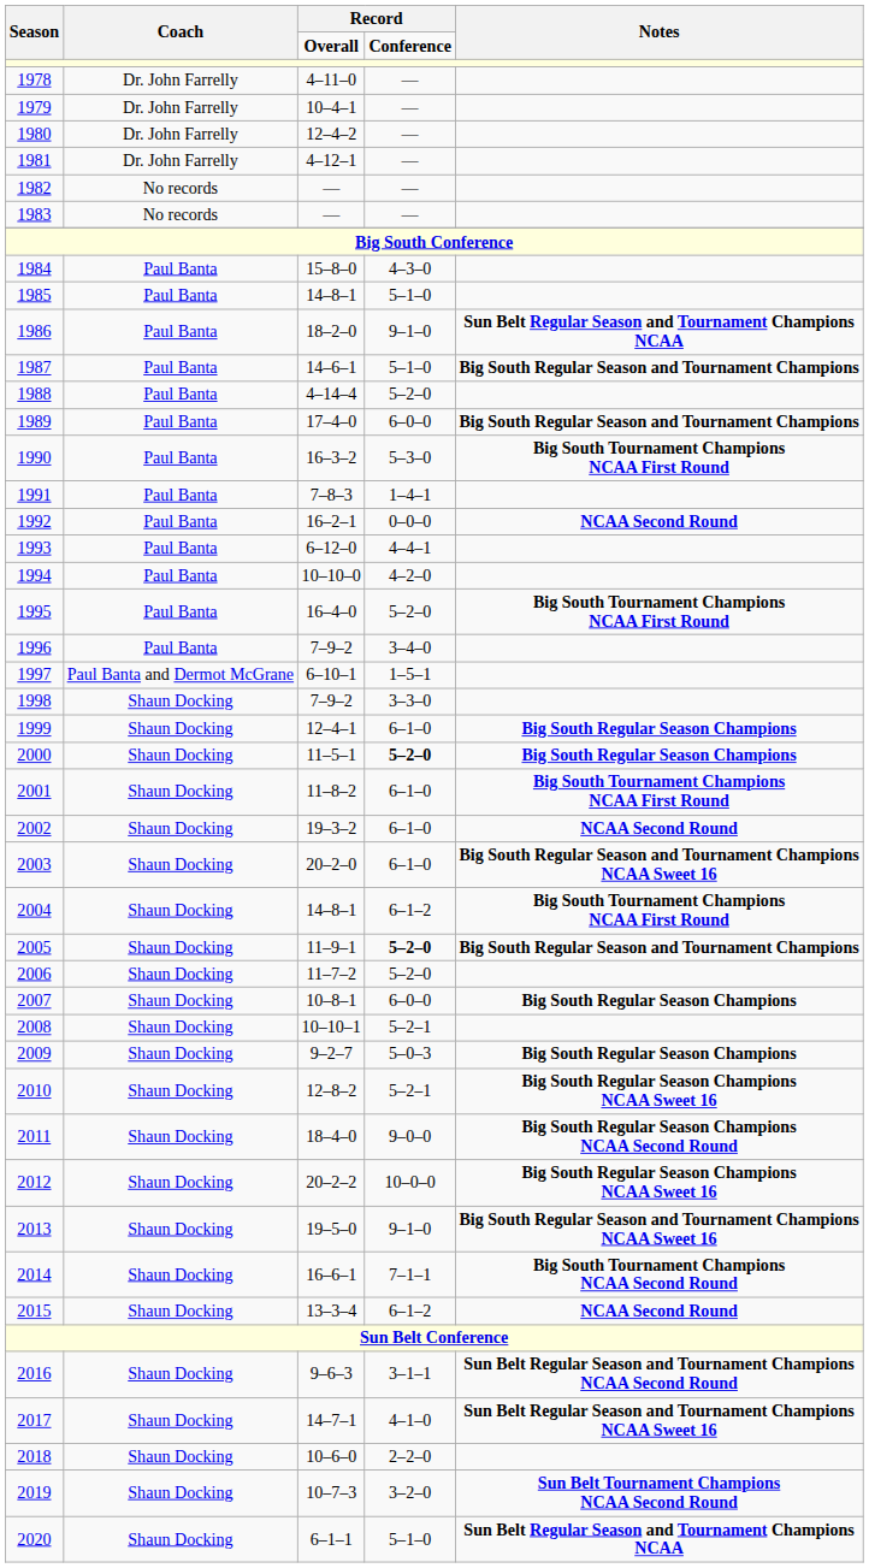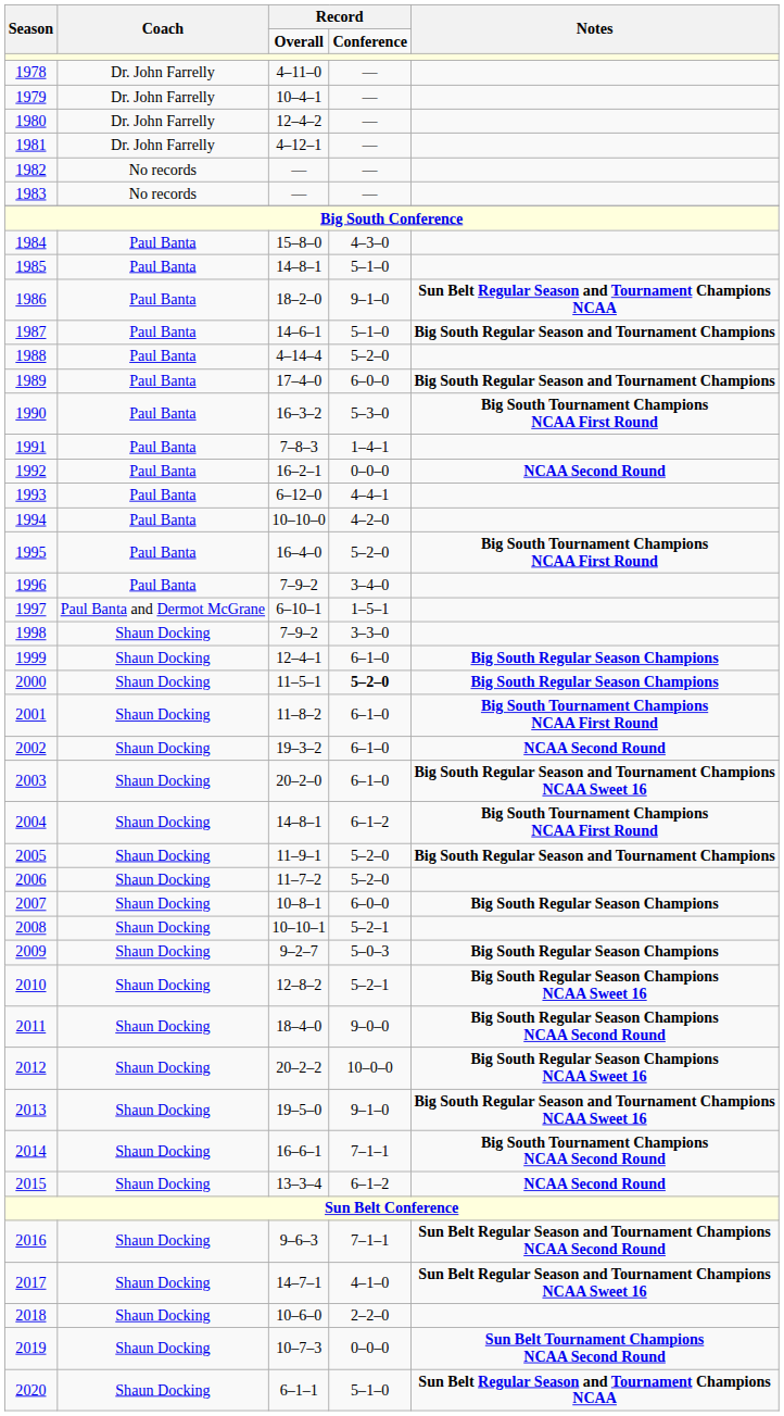 <table class="wikitable" style="text-align: center;">
 <tr>
 <th rowspan="2" width=px>Season</th>
 <th rowspan="2" width=px>Coach</th>
 <th colspan="2" width=px>Record</th>
 <th rowspan="2" width=px>Notes</th>
 </tr>
 <tr style="text-align:center;">
 <td><strong>Overall</strong></td>
 <td width=px><strong>Conference</strong></td>
 </tr>
 <tr style="background:#ffd;">
 <td colspan="5"></td>
 </tr>
 <tr>
 <td><a href='#'>1978</a></td>
 <td>Dr. John Farrelly</td>
 <td>4–11–0</td>
 <td>—</td>
 <td></td>
 </tr>
 <tr>
 <td><a href='#'>1979</a></td>
 <td>Dr. John Farrelly</td>
 <td>10–4–1</td>
 <td>—</td>
 <td></td>
 </tr>
 <tr>
 <td><a href='#'>1980</a></td>
 <td>Dr. John Farrelly</td>
 <td>12–4–2</td>
 <td>—</td>
 <td></td>
 </tr>
 <tr>
 <td><a href='#'>1981</a></td>
 <td>Dr. John Farrelly</td>
 <td>4–12–1</td>
 <td>—</td>
 <td></td>
 </tr>
 <tr>
 <td><a href='#'>1982</a></td>
 <td>No records</td>
 <td>—</td>
 <td>—</td>
 <td></td>
 </tr>
 <tr>
 <td><a href='#'>1983</a></td>
 <td>No records</td>
 <td>—</td>
 <td>—</td>
 <td></td>
 </tr>
 <tr>
 </tr>
 <tr style="background:#ffd;">
 <td colspan="5" style="text-align:center;"><strong><a href='#'>Big South Conference</a></strong></td>
 </tr>
 <tr>
 <td><a href='#'>1984</a></td>
 <td><a href='#'>Paul Banta</a></td>
 <td>15–8–0</td>
 <td>4–3–0</td>
 <td></td>
 </tr>
 <tr>
 <td><a href='#'>1985</a></td>
 <td><a href='#'>Paul Banta</a></td>
 <td>14–8–1</td>
 <td>5–1–0</td>
 <td></td>
 </tr>
 <tr>
 <td><a href='#'>1986</a></td>
 <td><a href='#'>Paul Banta</a></td>
 <td>18–2–0</td>
 <td>9–1–0</td>
 <td><strong>Sun Belt <a href='#'>Regular Season</a> and <a href='#'>Tournament</a> Champions</strong><br><strong><a href='#'>NCAA</a></strong></td>
 </tr>
 <tr>
 <td><a href='#'>1987</a></td>
 <td><a href='#'>Paul Banta</a></td>
 <td>14–6–1</td>
 <td>5–1–0</td>
 <td><strong>Big South Regular Season and Tournament Champions</strong></td>
 </tr>
 <tr>
 <td><a href='#'>1988</a></td>
 <td><a href='#'>Paul Banta</a></td>
 <td>4–14–4</td>
 <td>5–2–0</td>
 <td></td>
 </tr>
 <tr>
 <td><a href='#'>1989</a></td>
 <td><a href='#'>Paul Banta</a></td>
 <td>17–4–0</td>
 <td>6–0–0</td>
 <td><strong>Big South Regular Season and Tournament Champions</strong></td>
 </tr>
 <tr>
 <td><a href='#'>1990</a></td>
 <td><a href='#'>Paul Banta</a></td>
 <td>16–3–2</td>
 <td>5–3–0</td>
 <td><strong>Big South Tournament Champions</strong><br><strong><a href='#'>NCAA First Round</a></strong></td>
 </tr>
 <tr>
 <td><a href='#'>1991</a></td>
 <td><a href='#'>Paul Banta</a></td>
 <td>7–8–3</td>
 <td>1–4–1</td>
 <td></td>
 </tr>
 <tr>
 <td><a href='#'>1992</a></td>
 <td><a href='#'>Paul Banta</a></td>
 <td>16–2–1</td>
 <td>0–0–0</td>
 <td><strong><a href='#'>NCAA Second Round</a></strong></td>
 </tr>
 <tr>
 <td><a href='#'>1993</a></td>
 <td><a href='#'>Paul Banta</a></td>
 <td>6–12–0</td>
 <td>4–4–1</td>
 <td></td>
 </tr>
 <tr>
 <td><a href='#'>1994</a></td>
 <td><a href='#'>Paul Banta</a></td>
 <td>10–10–0</td>
 <td>4–2–0</td>
 <td></td>
 </tr>
 <tr>
 <td><a href='#'>1995</a></td>
 <td><a href='#'>Paul Banta</a></td>
 <td>16–4–0</td>
 <td>5–2–0</td>
 <td><strong>Big South Tournament Champions</strong><br><strong><a href='#'>NCAA First Round</a></strong></td>
 </tr>
 <tr>
 <td><a href='#'>1996</a></td>
 <td><a href='#'>Paul Banta</a></td>
 <td>7–9–2</td>
 <td>3–4–0</td>
 <td></td>
 </tr>
 <tr>
 <td><a href='#'>1997</a></td>
 <td><a href='#'>Paul Banta</a> and <a href='#'>Dermot McGrane</a></td>
 <td>6–10–1</td>
 <td>1–5–1</td>
 <td></td>
 </tr>
 <tr>
 <td><a href='#'>1998</a></td>
 <td><a href='#'>Shaun Docking</a></td>
 <td>7–9–2</td>
 <td>3–3–0</td>
 <td></td>
 </tr>
 <tr>
 <td><a href='#'>1999</a></td>
 <td><a href='#'>Shaun Docking</a></td>
 <td>12–4–1</td>
 <td>6–1–0</td>
 <td><strong><a href='#'>Big South Regular Season Champions</a></strong></td>
 </tr>
 <tr>
 <td><a href='#'>2000</a></td>
 <td><a href='#'>Shaun Docking</a></td>
 <td>11–5–1</td>
 <td><strong>5–2–0</strong></td>
 <td><strong><a href='#'>Big South Regular Season Champions</a></strong></td>
 </tr>
 <tr>
 <td><a href='#'>2001</a></td>
 <td><a href='#'>Shaun Docking</a></td>
 <td>11–8–2</td>
 <td>6–1–0</td>
 <td><strong><a href='#'>Big South Tournament Champions</a></strong><br><strong><a href='#'>NCAA First Round</a></strong></td>
 </tr>
 <tr>
 <td><a href='#'>2002</a></td>
 <td><a href='#'>Shaun Docking</a></td>
 <td>19–3–2</td>
 <td>6–1–0</td>
 <td><strong><a href='#'>NCAA Second Round</a></strong></td>
 </tr>
 <tr>
 <td><a href='#'>2003</a></td>
 <td><a href='#'>Shaun Docking</a></td>
 <td>20–2–0</td>
 <td>6–1–0</td>
 <td><strong>Big South Regular Season and Tournament Champions</strong><br><strong><a href='#'>NCAA Sweet 16</a></strong></td>
 </tr>
 <tr>
 <td><a href='#'>2004</a></td>
 <td><a href='#'>Shaun Docking</a></td>
 <td>14–8–1</td>
 <td>6–1–2</td>
 <td><strong>Big South Tournament Champions</strong><br><strong><a href='#'>NCAA First Round</a></strong></td>
 </tr>
 <tr>
 <td><a href='#'>2005</a></td>
 <td><a href='#'>Shaun Docking</a></td>
 <td>11–9–1</td>
-<td><strong>5–2–0</strong></td>
+<td>5–2–0</td>
 <td><strong>Big South Regular Season and Tournament Champions</strong></td>
 </tr>
 <tr>
 <td><a href='#'>2006</a></td>
 <td><a href='#'>Shaun Docking</a></td>
 <td>11–7–2</td>
 <td>5–2–0</td>
 <td></td>
 </tr>
 <tr>
 <td><a href='#'>2007</a></td>
 <td><a href='#'>Shaun Docking</a></td>
 <td>10–8–1</td>
 <td>6–0–0</td>
 <td><strong>Big South Regular Season Champions</strong></td>
 </tr>
 <tr>
 <td><a href='#'>2008</a></td>
 <td><a href='#'>Shaun Docking</a></td>
 <td>10–10–1</td>
 <td>5–2–1</td>
 <td></td>
 </tr>
 <tr>
 <td><a href='#'>2009</a></td>
 <td><a href='#'>Shaun Docking</a></td>
 <td>9–2–7</td>
 <td>5–0–3</td>
 <td><strong>Big South Regular Season Champions</strong></td>
 </tr>
 <tr>
 <td><a href='#'>2010</a></td>
 <td><a href='#'>Shaun Docking</a></td>
 <td>12–8–2</td>
 <td>5–2–1</td>
 <td><strong>Big South Regular Season Champions</strong><br><strong><a href='#'>NCAA Sweet 16</a></strong></td>
 </tr>
 <tr>
 <td><a href='#'>2011</a></td>
 <td><a href='#'>Shaun Docking</a></td>
 <td>18–4–0</td>
 <td>9–0–0</td>
 <td><strong>Big South Regular Season Champions</strong><br><strong><a href='#'>NCAA Second Round</a></strong></td>
 </tr>
 <tr>
 <td><a href='#'>2012</a></td>
 <td><a href='#'>Shaun Docking</a></td>
 <td>20–2–2</td>
 <td>10–0–0</td>
 <td><strong>Big South Regular Season Champions</strong><br><strong><a href='#'>NCAA Sweet 16</a></strong></td>
 </tr>
 <tr>
 <td><a href='#'>2013</a></td>
 <td><a href='#'>Shaun Docking</a></td>
 <td>19–5–0</td>
 <td>9–1–0</td>
 <td><strong>Big South Regular Season and Tournament Champions</strong><br><strong><a href='#'>NCAA Sweet 16</a></strong></td>
 </tr>
 <tr>
 <td><a href='#'>2014</a></td>
 <td><a href='#'>Shaun Docking</a></td>
 <td>16–6–1</td>
 <td>7–1–1</td>
 <td><strong>Big South Tournament Champions</strong><br><strong><a href='#'>NCAA Second Round</a></strong></td>
 </tr>
 <tr>
 <td><a href='#'>2015</a></td>
 <td><a href='#'>Shaun Docking</a></td>
 <td>13–3–4</td>
 <td>6–1–2</td>
 <td><strong><a href='#'>NCAA Second Round</a></strong></td>
 </tr>
 <tr style="background:#ffd;">
 <td colspan="5" style="text-align:center;"><strong><a href='#'>Sun Belt Conference</a></strong></td>
 </tr>
 <tr>
 <td><a href='#'>2016</a></td>
 <td><a href='#'>Shaun Docking</a></td>
 <td>9–6–3</td>
-<td>3–1–1</td>
+<td>7–1–1</td>
 <td><strong>Sun Belt Regular Season and Tournament Champions</strong><br><strong><a href='#'>NCAA Second Round</a></strong></td>
 </tr>
 <tr>
 <td><a href='#'>2017</a></td>
 <td><a href='#'>Shaun Docking</a></td>
 <td>14–7–1</td>
 <td>4–1–0</td>
 <td><strong>Sun Belt Regular Season and Tournament Champions</strong><br><strong><a href='#'>NCAA Sweet 16</a></strong></td>
 </tr>
 <tr>
 <td><a href='#'>2018</a></td>
 <td><a href='#'>Shaun Docking</a></td>
 <td>10–6–0</td>
 <td>2–2–0</td>
 <td></td>
 </tr>
 <tr>
 <td><a href='#'>2019</a></td>
 <td><a href='#'>Shaun Docking</a></td>
 <td>10–7–3</td>
-<td>3–2–0</td>
+<td>0–0–0</td>
 <td><strong><a href='#'>Sun Belt Tournament Champions</a></strong><br><strong><a href='#'>NCAA Second Round</a></strong></td>
 </tr>
 <tr>
 <td><a href='#'>2020</a></td>
 <td><a href='#'>Shaun Docking</a></td>
 <td>6–1–1</td>
 <td>5–1–0</td>
 <td><strong>Sun Belt <a href='#'>Regular Season</a> and <a href='#'>Tournament</a> Champions</strong><br><strong><a href='#'>NCAA</a></strong></td>
 </tr>
 </table>
